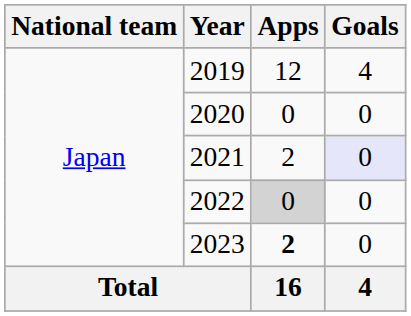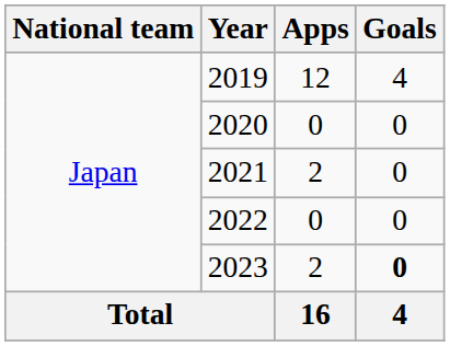 <table class="wikitable" style="text-align:center">
 <tr>
 <th>National team</th>
 <th scope="col">Year</th>
 <th scope="col">Apps</th>
 <th scope="col">Goals</th>
 </tr>
 <tr>
 <td rowspan="5"><a href='#'>Japan</a></td>
 <td>2019</td>
 <td>12</td>
 <td>4</td>
 </tr>
 <tr>
 <td>2020</td>
 <td>0</td>
 <td>0</td>
 </tr>
 <tr>
 <td>2021</td>
 <td>2</td>
-<td style="background: lavender;">0</td>
+<td>0</td>
 </tr>
 <tr>
 <td>2022</td>
-<td style="background: lightgrey;">0</td>
+<td>0</td>
 <td>0</td>
 </tr>
 <tr>
 <td>2023</td>
-<td><strong>2</strong></td>
-<td>0</td>
+<td>2</td>
+<td><strong>0</strong></td>
 </tr>
 <tr>
 <th colspan="2">Total</th>
 <th>16</th>
 <th>4</th>
 </tr>
 </table>
